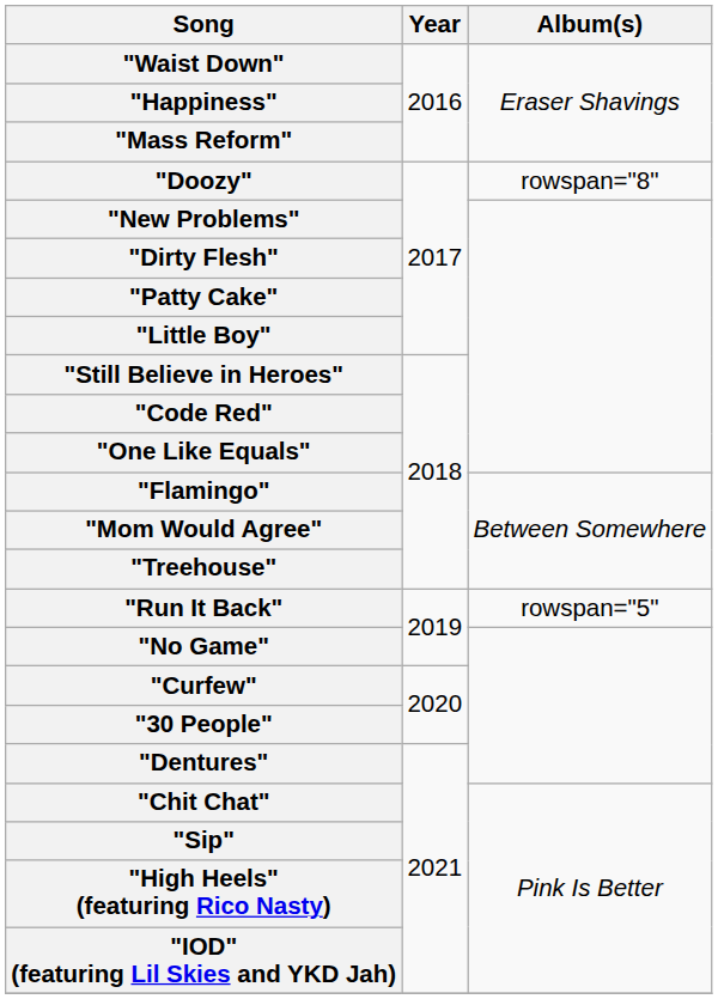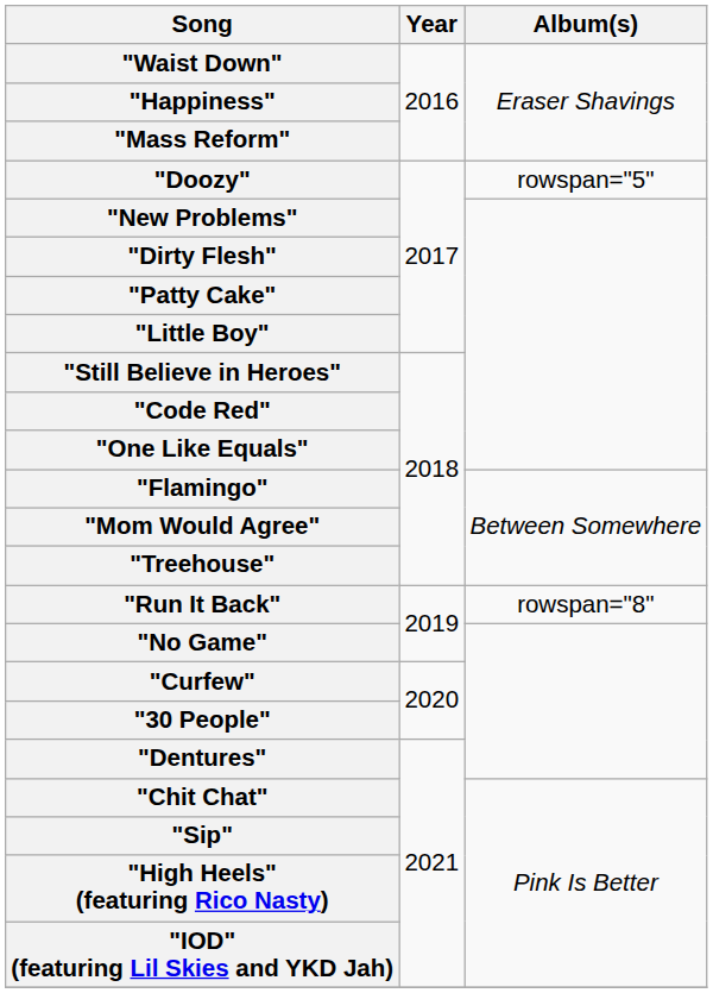 <table class="wikitable plainrowheaders" style="text-align:center;">
 <tr>
 <th>Song</th>
 <th>Year</th>
 <th>Album(s)</th>
 </tr>
 <tr>
 <th scope="row">"Waist Down"</th>
 <td rowspan="3">2016</td>
 <td rowspan="3"><em>Eraser Shavings</em></td>
 </tr>
 <tr>
 <th scope="row">"Happiness"</th>
 </tr>
 <tr>
 <th scope="row">"Mass Reform"</th>
 </tr>
 <tr>
 <th scope="row">"Doozy"</th>
 <td rowspan="5">2017</td>
-<td>rowspan="8" </td>
+<td>rowspan="5" </td>
 </tr>
 <tr>
 <th scope="row">"New Problems"</th>
 </tr>
 <tr>
 <th scope="row">"Dirty Flesh"</th>
 </tr>
 <tr>
 <th scope="row">"Patty Cake"</th>
 </tr>
 <tr>
 <th scope="row">"Little Boy"</th>
 </tr>
 <tr>
 <th scope="row">"Still Believe in Heroes"</th>
 <td rowspan="6">2018</td>
 </tr>
 <tr>
 <th scope="row">"Code Red"</th>
 </tr>
 <tr>
 <th scope="row">"One Like Equals"</th>
 </tr>
 <tr>
 <th scope="row">"Flamingo"</th>
 <td rowspan="3"><em>Between Somewhere</em></td>
 </tr>
 <tr>
 <th scope="row">"Mom Would Agree"</th>
 </tr>
 <tr>
 <th scope="row">"Treehouse"</th>
 </tr>
 <tr>
 <th scope="row">"Run It Back"</th>
 <td rowspan="2">2019</td>
-<td>rowspan="5" </td>
+<td>rowspan="8" </td>
 </tr>
 <tr>
 <th scope="row">"No Game"</th>
 </tr>
 <tr>
 <th scope="row">"Curfew"</th>
 <td rowspan="2">2020</td>
 </tr>
 <tr>
 <th scope="row">"30 People"</th>
 </tr>
 <tr>
 <th scope="row">"Dentures"</th>
 <td rowspan="5">2021</td>
 </tr>
 <tr>
 <th scope="row">"Chit Chat"</th>
 <td rowspan="4"><em>Pink Is Better</em></td>
 </tr>
 <tr>
 <th scope="row">"Sip"</th>
 </tr>
 <tr>
 <th scope="row">"High Heels"<br><span>(featuring <a href='#'>Rico Nasty</a>)</span></th>
 </tr>
 <tr>
 <th scope="row">"IOD"<br><span>(featuring <a href='#'>Lil Skies</a> and YKD Jah)</span></th>
 </tr>
 <tr>
 </tr>
 </table>
